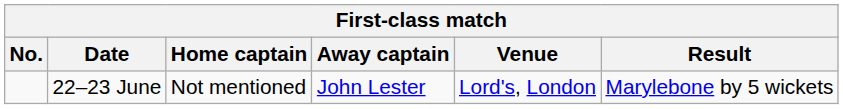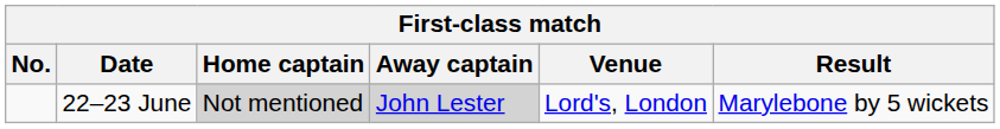 <table class="wikitable">
 <tr>
 <th colspan="9">First-class match</th>
 </tr>
 <tr>
 <th>No.</th>
 <th>Date</th>
 <th>Home captain</th>
 <th>Away captain</th>
 <th>Venue</th>
 <th>Result</th>
 </tr>
 <tr>
 <td></td>
 <td>22–23 June</td>
-<td>Not mentioned</td>
-<td><a href='#'>John Lester</a></td>
+<td style="background: lightgrey;">Not mentioned</td>
+<td style="background: lightgrey;"><a href='#'>John Lester</a></td>
 <td><a href='#'>Lord's</a>, <a href='#'>London</a></td>
 <td><a href='#'>Marylebone</a> by 5 wickets</td>
 </tr>
 </table>
